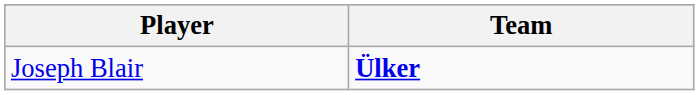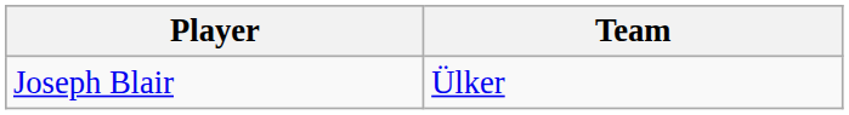 <table class="wikitable" style="text-align: left;">
 <tr>
 <th style="width:200px;">Player</th>
 <th style="width:200px;">Team</th>
 </tr>
 <tr>
 <td>  <a href='#'>Joseph Blair</a></td>
-<td><strong> <a href='#'>Ülker</a></strong></td>
+<td> <a href='#'>Ülker</a></td>
 </tr>
 </table>
